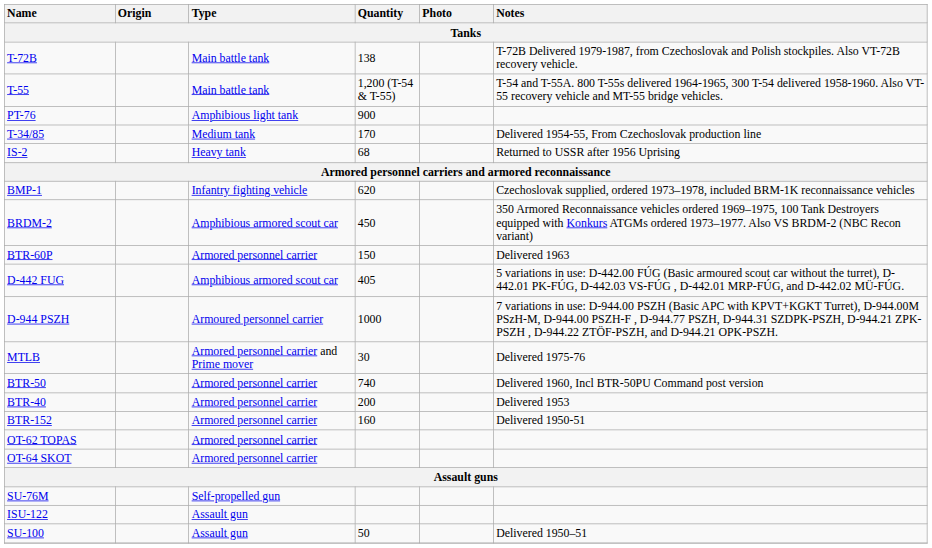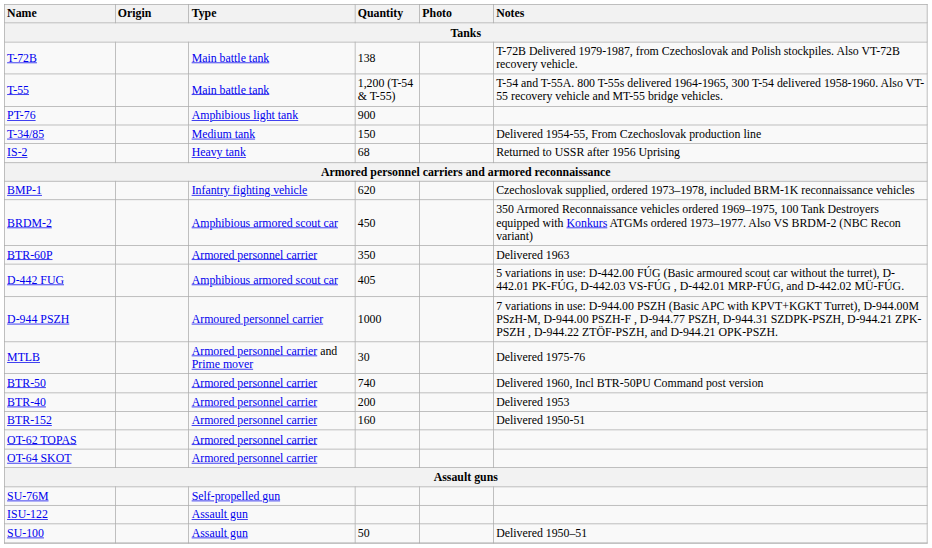 <table class="wikitable">
 <tr>
 <th style="text-align: left; width:12%;">Name</th>
 <th style="text-align: left; width:8%;">Origin</th>
 <th style="text-align: left; width:18%;">Type</th>
 <th style="text-align: left; width:7%;">Quantity</th>
 <th style="text-align: left;width:8%;">Photo</th>
 <th style="text-align: left;width:47%;">Notes</th>
 </tr>
 <tr>
 <th style="align: center;" colspan="7">Tanks</th>
 </tr>
 <tr>
 <td><a href='#'>T-72B</a></td>
 <td></td>
 <td><a href='#'>Main battle tank</a></td>
 <td>138</td>
 <td></td>
 <td>T-72B Delivered 1979-1987, from Czechoslovak and Polish stockpiles. Also VT-72B recovery vehicle.</td>
 </tr>
 <tr>
 <td><a href='#'>T-55</a></td>
 <td></td>
 <td><a href='#'>Main battle tank</a></td>
 <td>1,200 (T-54 & T-55)</td>
 <td></td>
 <td>T-54 and T-55A. 800 T-55s delivered 1964-1965, 300 T-54 delivered 1958-1960. Also VT-55 recovery vehicle and MT-55 bridge vehicles.</td>
 </tr>
 <tr>
 <td><a href='#'>PT-76</a></td>
 <td></td>
 <td><a href='#'>Amphibious light tank</a></td>
 <td>900</td>
 <td></td>
 <td></td>
 </tr>
 <tr>
 <td><a href='#'>T-34/85</a></td>
 <td></td>
 <td><a href='#'>Medium tank</a></td>
-<td>170</td>
+<td>150</td>
 <td></td>
 <td>Delivered 1954-55, From Czechoslovak production line</td>
 </tr>
 <tr>
 <td><a href='#'>IS-2</a></td>
 <td></td>
 <td><a href='#'>Heavy tank</a></td>
 <td>68</td>
 <td></td>
 <td>Returned to USSR after 1956 Uprising</td>
 </tr>
 <tr>
 <th style="align: center;" colspan="7">Armored personnel carriers and armored reconnaissance</th>
 </tr>
 <tr>
 <td><a href='#'>BMP-1</a></td>
 <td></td>
 <td><a href='#'>Infantry fighting vehicle</a></td>
 <td>620</td>
 <td></td>
 <td>Czechoslovak supplied, ordered 1973–1978, included BRM-1K reconnaissance vehicles </td>
 </tr>
 <tr>
 <td><a href='#'>BRDM-2</a></td>
 <td></td>
 <td><a href='#'>Amphibious armored scout car</a></td>
 <td>450</td>
 <td></td>
 <td>350 Armored Reconnaissance vehicles ordered 1969–1975, 100 Tank Destroyers equipped with <a href='#'>Konkurs</a> ATGMs ordered 1973–1977. Also VS BRDM-2 (NBC Recon variant)</td>
 </tr>
 <tr>
 <td><a href='#'>BTR-60P</a></td>
 <td></td>
 <td><a href='#'>Armored personnel carrier</a></td>
-<td>150</td>
+<td>350</td>
 <td></td>
 <td>Delivered 1963 </td>
 </tr>
 <tr>
 <td><a href='#'>D-442 FUG</a></td>
 <td></td>
 <td><a href='#'>Amphibious armored scout car</a></td>
 <td>405</td>
 <td></td>
 <td>5 variations in use: D-442.00 FÚG (Basic armoured scout car without the turret), D-442.01 PK-FÚG, D-442.03 VS-FÚG , D-442.01 MRP-FÚG, and D-442.02 MÜ-FÚG.</td>
 </tr>
 <tr>
 <td><a href='#'>D-944 PSZH</a></td>
 <td></td>
 <td><a href='#'>Armoured personnel carrier</a></td>
 <td>1000</td>
 <td></td>
 <td>7 variations in use: D-944.00 PSZH (Basic APC with KPVT+KGKT Turret), D-944.00M PSzH-M, D-944.00 PSZH-F , D-944.77 PSZH, D-944.31 SZDPK-PSZH, D-944.21 ZPK-PSZH , D-944.22 ZTÖF-PSZH, and D-944.21 OPK-PSZH.</td>
 </tr>
 <tr>
 <td><a href='#'>MTLB</a></td>
 <td></td>
 <td><a href='#'>Armored personnel carrier</a> and <a href='#'>Prime mover</a></td>
 <td>30</td>
 <td></td>
 <td>Delivered 1975-76</td>
 </tr>
 <tr>
 <td><a href='#'>BTR-50</a></td>
 <td></td>
 <td><a href='#'>Armored personnel carrier</a></td>
 <td>740</td>
 <td></td>
 <td>Delivered 1960, Incl BTR-50PU Command post version</td>
 </tr>
 <tr>
 <td><a href='#'>BTR-40</a></td>
 <td></td>
 <td><a href='#'>Armored personnel carrier</a></td>
 <td>200</td>
 <td></td>
 <td>Delivered 1953</td>
 </tr>
 <tr>
 <td><a href='#'>BTR-152</a></td>
 <td></td>
 <td><a href='#'>Armored personnel carrier</a></td>
 <td>160</td>
 <td></td>
 <td>Delivered 1950-51</td>
 </tr>
 <tr>
 <td><a href='#'>OT-62 TOPAS</a></td>
 <td></td>
 <td><a href='#'>Armored personnel carrier</a></td>
 <td></td>
 <td></td>
 <td></td>
 </tr>
 <tr>
 <td><a href='#'>OT-64 SKOT</a></td>
 <td></td>
 <td><a href='#'>Armored personnel carrier</a></td>
 <td></td>
 <td></td>
 <td></td>
 </tr>
 <tr>
 <th style="align: center;" colspan="7">Assault guns</th>
 </tr>
 <tr>
 <td><a href='#'>SU-76M</a></td>
 <td></td>
 <td><a href='#'>Self-propelled gun</a></td>
 <td></td>
 <td></td>
 <td></td>
 </tr>
 <tr>
 <td><a href='#'>ISU-122</a></td>
 <td></td>
 <td><a href='#'>Assault gun</a></td>
 <td></td>
 <td></td>
 <td></td>
 </tr>
 <tr>
 <td><a href='#'>SU-100</a></td>
 <td></td>
 <td><a href='#'>Assault gun</a></td>
 <td>50</td>
 <td></td>
 <td>Delivered 1950–51</td>
 </tr>
 <tr>
 </tr>
 </table>
